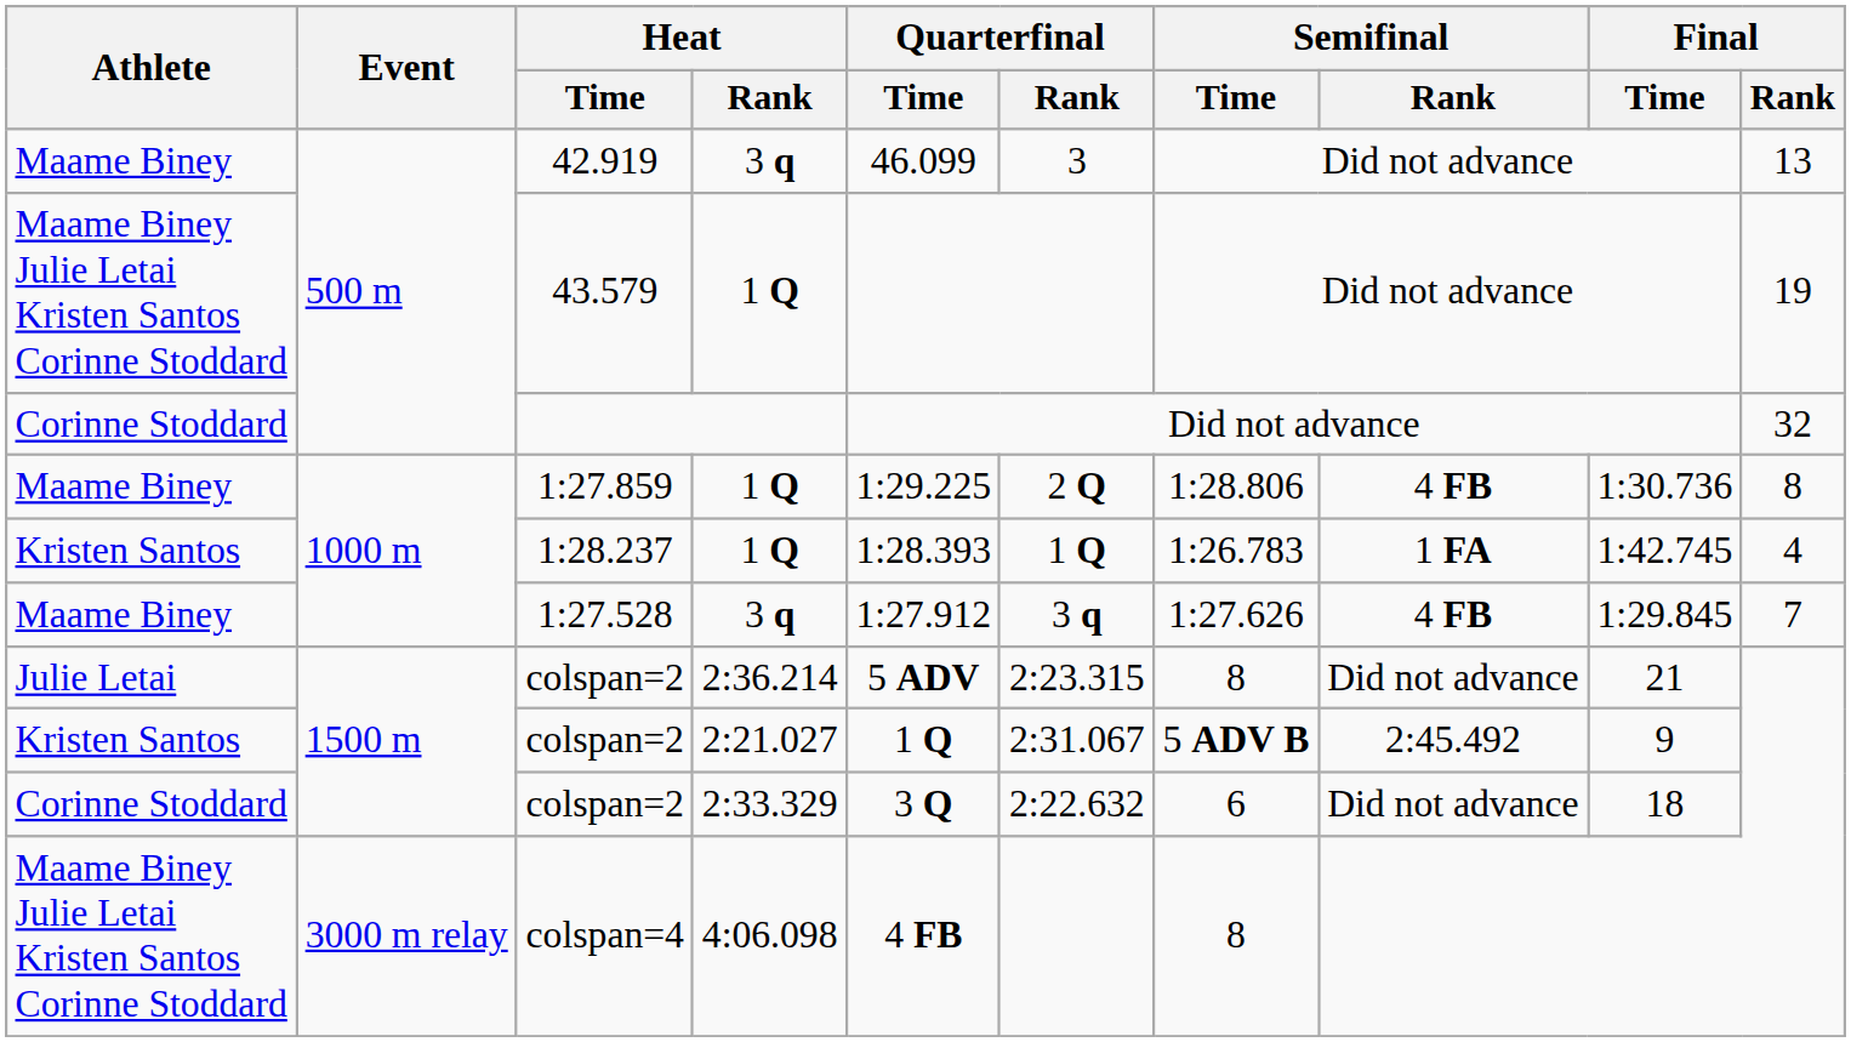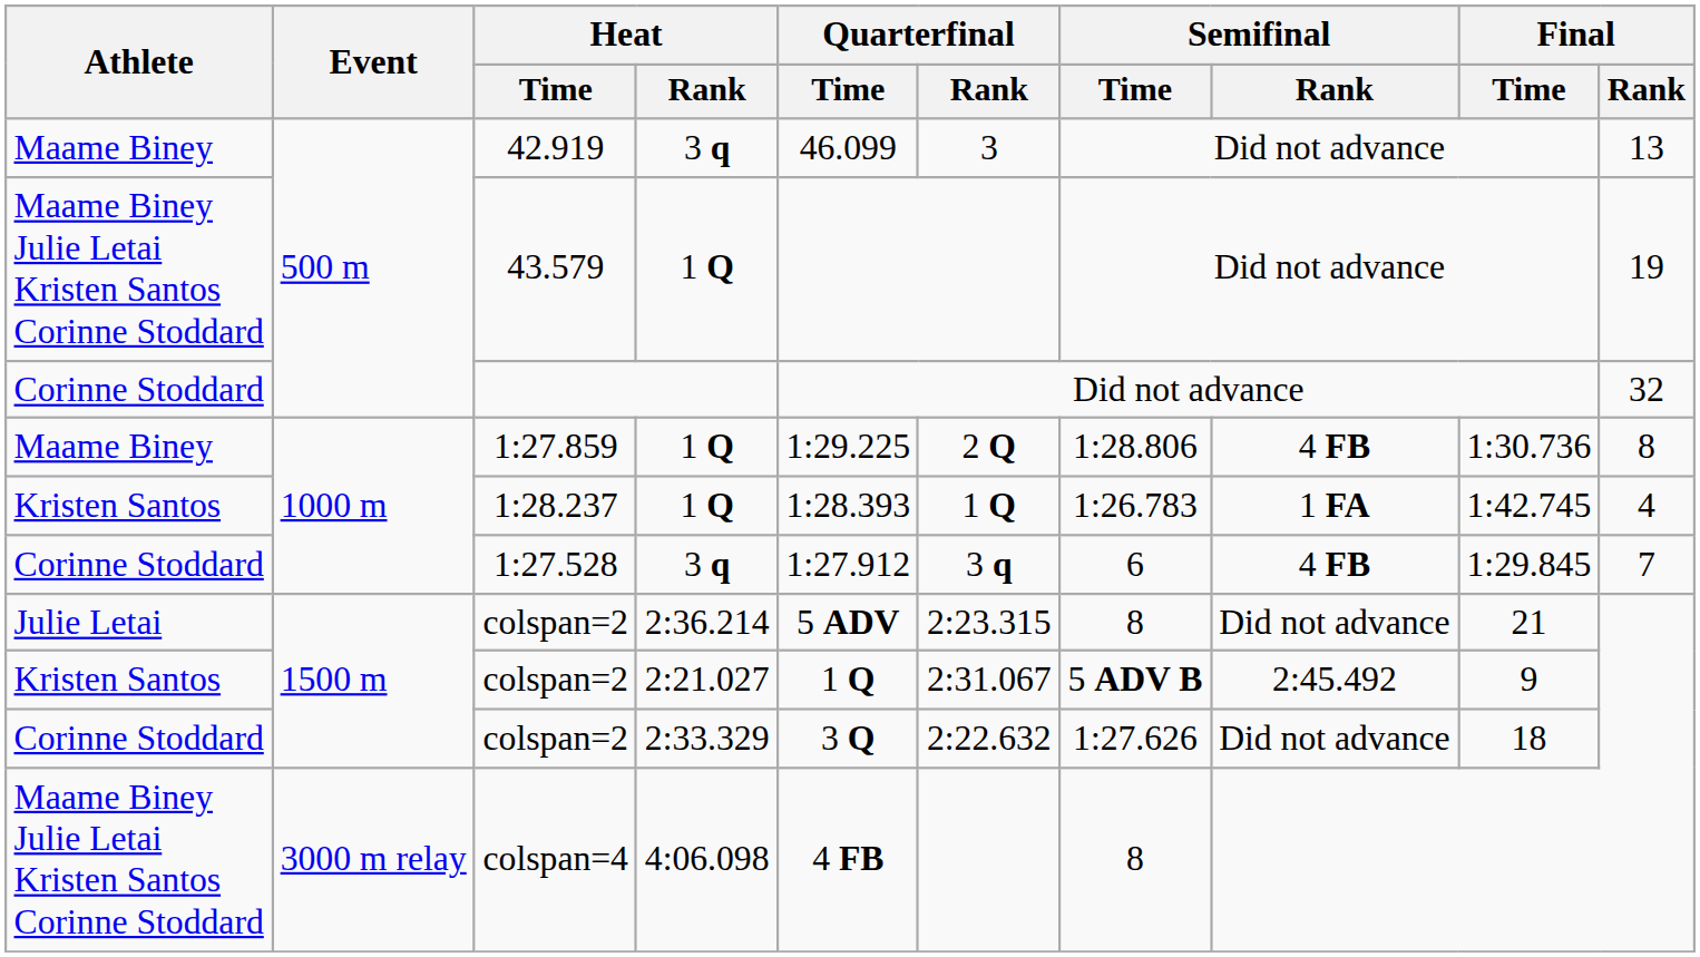 <table class=wikitable style=font-size:90%;text-align:center>
 <tr>
 <th rowspan=2>Athlete</th>
 <th rowspan=2>Event</th>
 <th colspan=2>Heat</th>
 <th colspan=2>Quarterfinal</th>
 <th colspan=2>Semifinal</th>
 <th colspan=2>Final</th>
 </tr>
 <tr style=font-size:95%>
 <th>Time</th>
 <th>Rank</th>
 <th>Time</th>
 <th>Rank</th>
 <th>Time</th>
 <th>Rank</th>
 <th>Time</th>
 <th>Rank</th>
 </tr>
 <tr>
 <td align=left><a href='#'>Maame Biney</a></td>
 <td align=left rowspan=3><a href='#'>500 m</a></td>
 <td>42.919</td>
 <td>3 <strong>q</strong></td>
 <td>46.099</td>
 <td>3</td>
 <td colspan=3>Did not advance</td>
 <td>13</td>
 </tr>
 <tr>
 <td align=left><a href='#'>Maame Biney</a><br><a href='#'>Julie Letai</a><br><a href='#'>Kristen Santos</a><br><a href='#'>Corinne Stoddard</a></td>
 <td>43.579</td>
 <td>1 <strong>Q</strong></td>
 <td colspan=2></td>
 <td colspan=3>Did not advance</td>
 <td>19</td>
 </tr>
 <tr>
 <td align=left><a href='#'>Corinne Stoddard</a></td>
 <td colspan=2></td>
 <td colspan=5>Did not advance</td>
 <td>32</td>
 </tr>
 <tr>
 <td align=left><a href='#'>Maame Biney</a></td>
 <td align=left rowspan=3><a href='#'>1000 m</a></td>
 <td>1:27.859</td>
 <td>1 <strong>Q</strong></td>
 <td>1:29.225</td>
 <td>2 <strong>Q</strong></td>
 <td>1:28.806</td>
 <td>4 <strong>FB</strong></td>
 <td>1:30.736</td>
 <td>8</td>
 </tr>
 <tr>
 <td align=left><a href='#'>Kristen Santos</a></td>
 <td>1:28.237</td>
 <td>1 <strong>Q</strong></td>
 <td>1:28.393</td>
 <td>1 <strong>Q</strong></td>
 <td>1:26.783</td>
 <td>1 <strong>FA</strong></td>
 <td>1:42.745</td>
 <td>4</td>
 </tr>
 <tr>
-<td align=left><a href='#'>Maame Biney</a></td>
+<td align=left><a href='#'>Corinne Stoddard</a></td>
 <td>1:27.528</td>
 <td>3 <strong>q</strong></td>
 <td>1:27.912</td>
 <td>3 <strong>q</strong></td>
-<td>1:27.626</td>
+<td>6</td>
 <td>4 <strong>FB</strong></td>
 <td>1:29.845</td>
 <td>7</td>
 </tr>
 <tr>
 <td align=left><a href='#'>Julie Letai</a></td>
 <td align=left rowspan=3><a href='#'>1500 m</a></td>
 <td>colspan=2</td>
 <td>2:36.214</td>
 <td>5 <strong>ADV</strong></td>
 <td>2:23.315</td>
 <td>8</td>
 <td>Did not advance</td>
 <td>21</td>
 </tr>
 <tr>
 <td align=left><a href='#'>Kristen Santos</a></td>
 <td>colspan=2</td>
 <td>2:21.027</td>
 <td>1 <strong>Q</strong></td>
 <td>2:31.067</td>
 <td>5 <strong>ADV B</strong></td>
 <td>2:45.492</td>
 <td>9</td>
 </tr>
 <tr>
 <td align=left><a href='#'>Corinne Stoddard</a></td>
 <td>colspan=2</td>
 <td>2:33.329</td>
 <td>3 <strong>Q</strong></td>
 <td>2:22.632</td>
-<td>6</td>
+<td>1:27.626</td>
 <td>Did not advance</td>
 <td>18</td>
 </tr>
 <tr>
 <td align=left><a href='#'>Maame Biney</a><br><a href='#'>Julie Letai</a><br><a href='#'>Kristen Santos</a><br><a href='#'>Corinne Stoddard</a></td>
 <td align=left><a href='#'>3000 m relay</a></td>
 <td>colspan=4 </td>
 <td>4:06.098</td>
 <td>4 <strong>FB</strong></td>
 <td></td>
 <td>8</td>
 </tr>
 </table>
